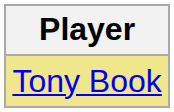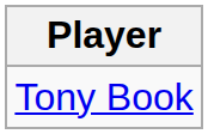 <table class="wikitable">
 <tr>
 <th>Player</th>
 </tr>
 <tr>
-<td style="background: khaki;"> <a href='#'>Tony Book</a></td>
+<td> <a href='#'>Tony Book</a></td>
 </tr>
 </table>
